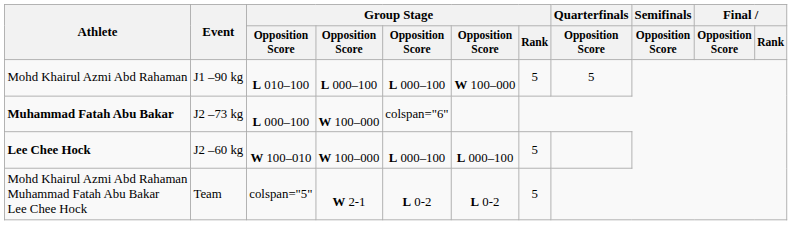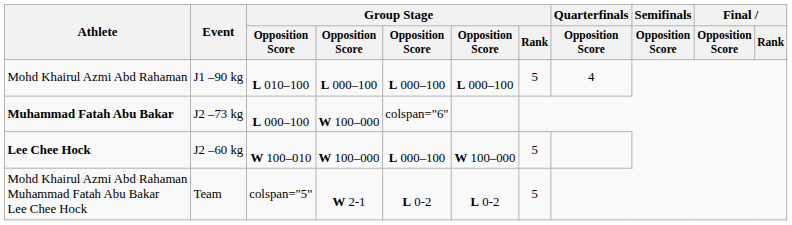 <table class="wikitable" style="font-size:90%; text-align:center">
 <tr>
 <th rowspan=2>Athlete</th>
 <th rowspan=2>Event</th>
 <th colspan=5>Group Stage</th>
 <th>Quarterfinals</th>
 <th>Semifinals</th>
 <th colspan=2>Final / </th>
 </tr>
 <tr style="font-size:90%">
 <th>Opposition<br>Score</th>
 <th>Opposition<br>Score</th>
 <th>Opposition<br>Score</th>
 <th>Opposition<br>Score</th>
 <th>Rank</th>
 <th>Opposition<br>Score</th>
 <th>Opposition<br>Score</th>
 <th>Opposition<br>Score</th>
 <th>Rank</th>
 </tr>
 <tr align=center>
 <td align=left>Mohd Khairul Azmi Abd Rahaman</td>
 <td align=left>J1 –90 kg</td>
 <td><br><strong>L</strong> 010–100</td>
 <td><br><strong>L</strong> 000–100</td>
 <td><br><strong>L</strong> 000–100</td>
-<td><br><strong>W</strong> 100–000</td>
+<td><br><strong>L</strong> 000–100</td>
 <td>5</td>
-<td>5</td>
+<td>4</td>
 </tr>
 <tr align=center>
 <td align=left><strong>Muhammad Fatah Abu Bakar</strong></td>
 <td align=left>J2 –73 kg</td>
 <td><br><strong>L</strong> 000–100</td>
 <td><br><strong>W</strong> 100–000</td>
 <td>colspan="6" </td>
 <td></td>
 </tr>
 <tr align=center>
 <td align=left><strong>Lee Chee Hock</strong></td>
 <td align=left>J2 –60 kg</td>
 <td><br><strong>W</strong> 100–010</td>
 <td><br><strong>W</strong> 100–000</td>
 <td><br><strong>L</strong> 000–100</td>
-<td><br><strong>L</strong> 000–100</td>
+<td><br><strong>W</strong> 100–000</td>
 <td>5</td>
 <td></td>
 </tr>
 <tr align=center>
 <td align=left>Mohd Khairul Azmi Abd Rahaman<br>Muhammad Fatah Abu Bakar<br>Lee Chee Hock</td>
 <td align=left>Team</td>
 <td>colspan="5" </td>
 <td><br> <strong>W</strong> 2-1</td>
 <td><br> <strong>L</strong> 0-2</td>
 <td><br> <strong>L</strong> 0-2</td>
 <td>5</td>
 </tr>
 </table>
